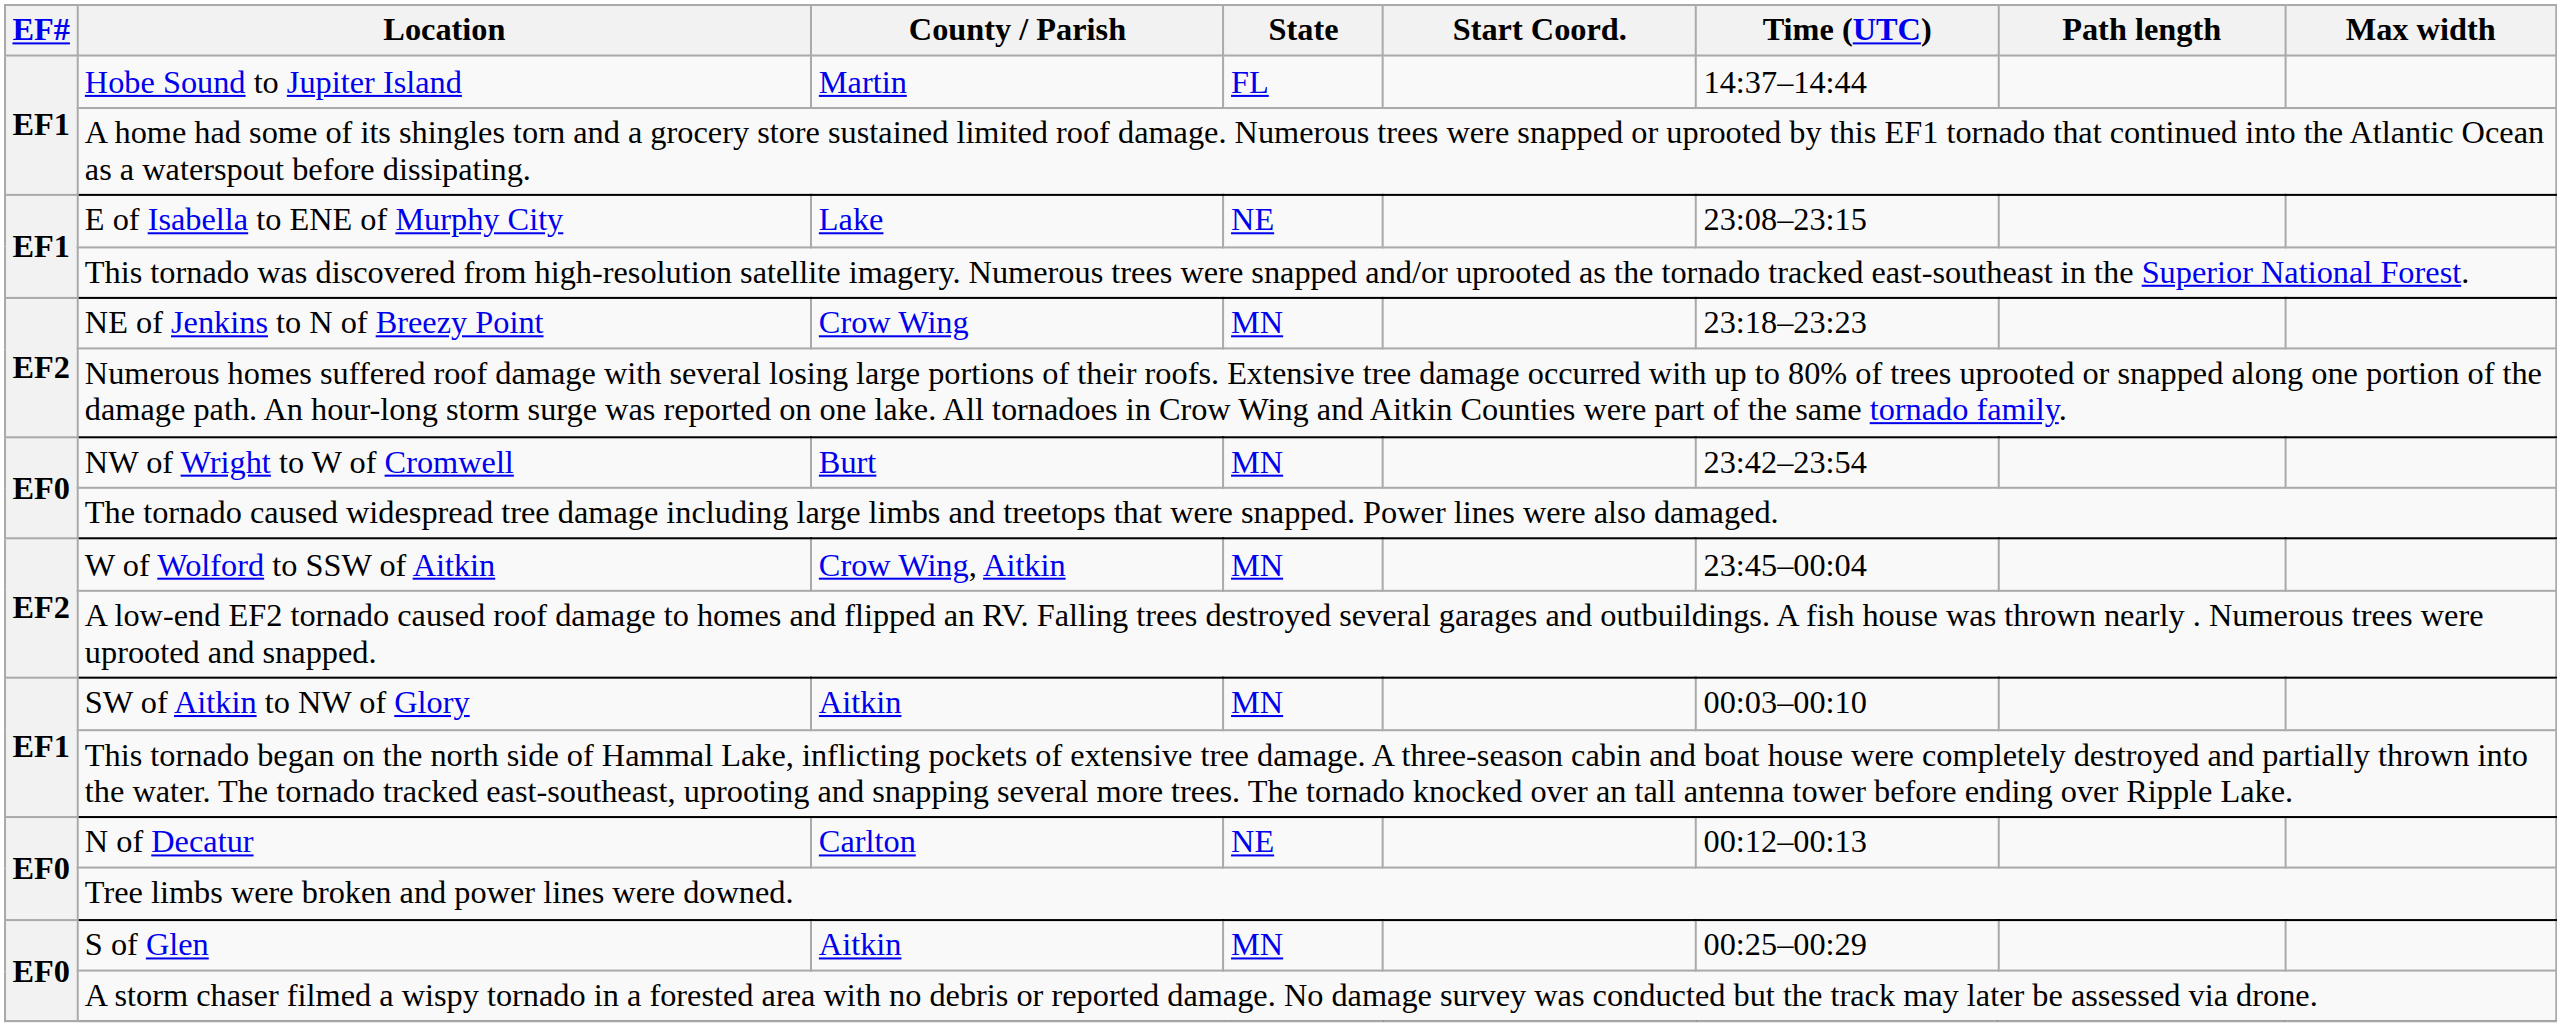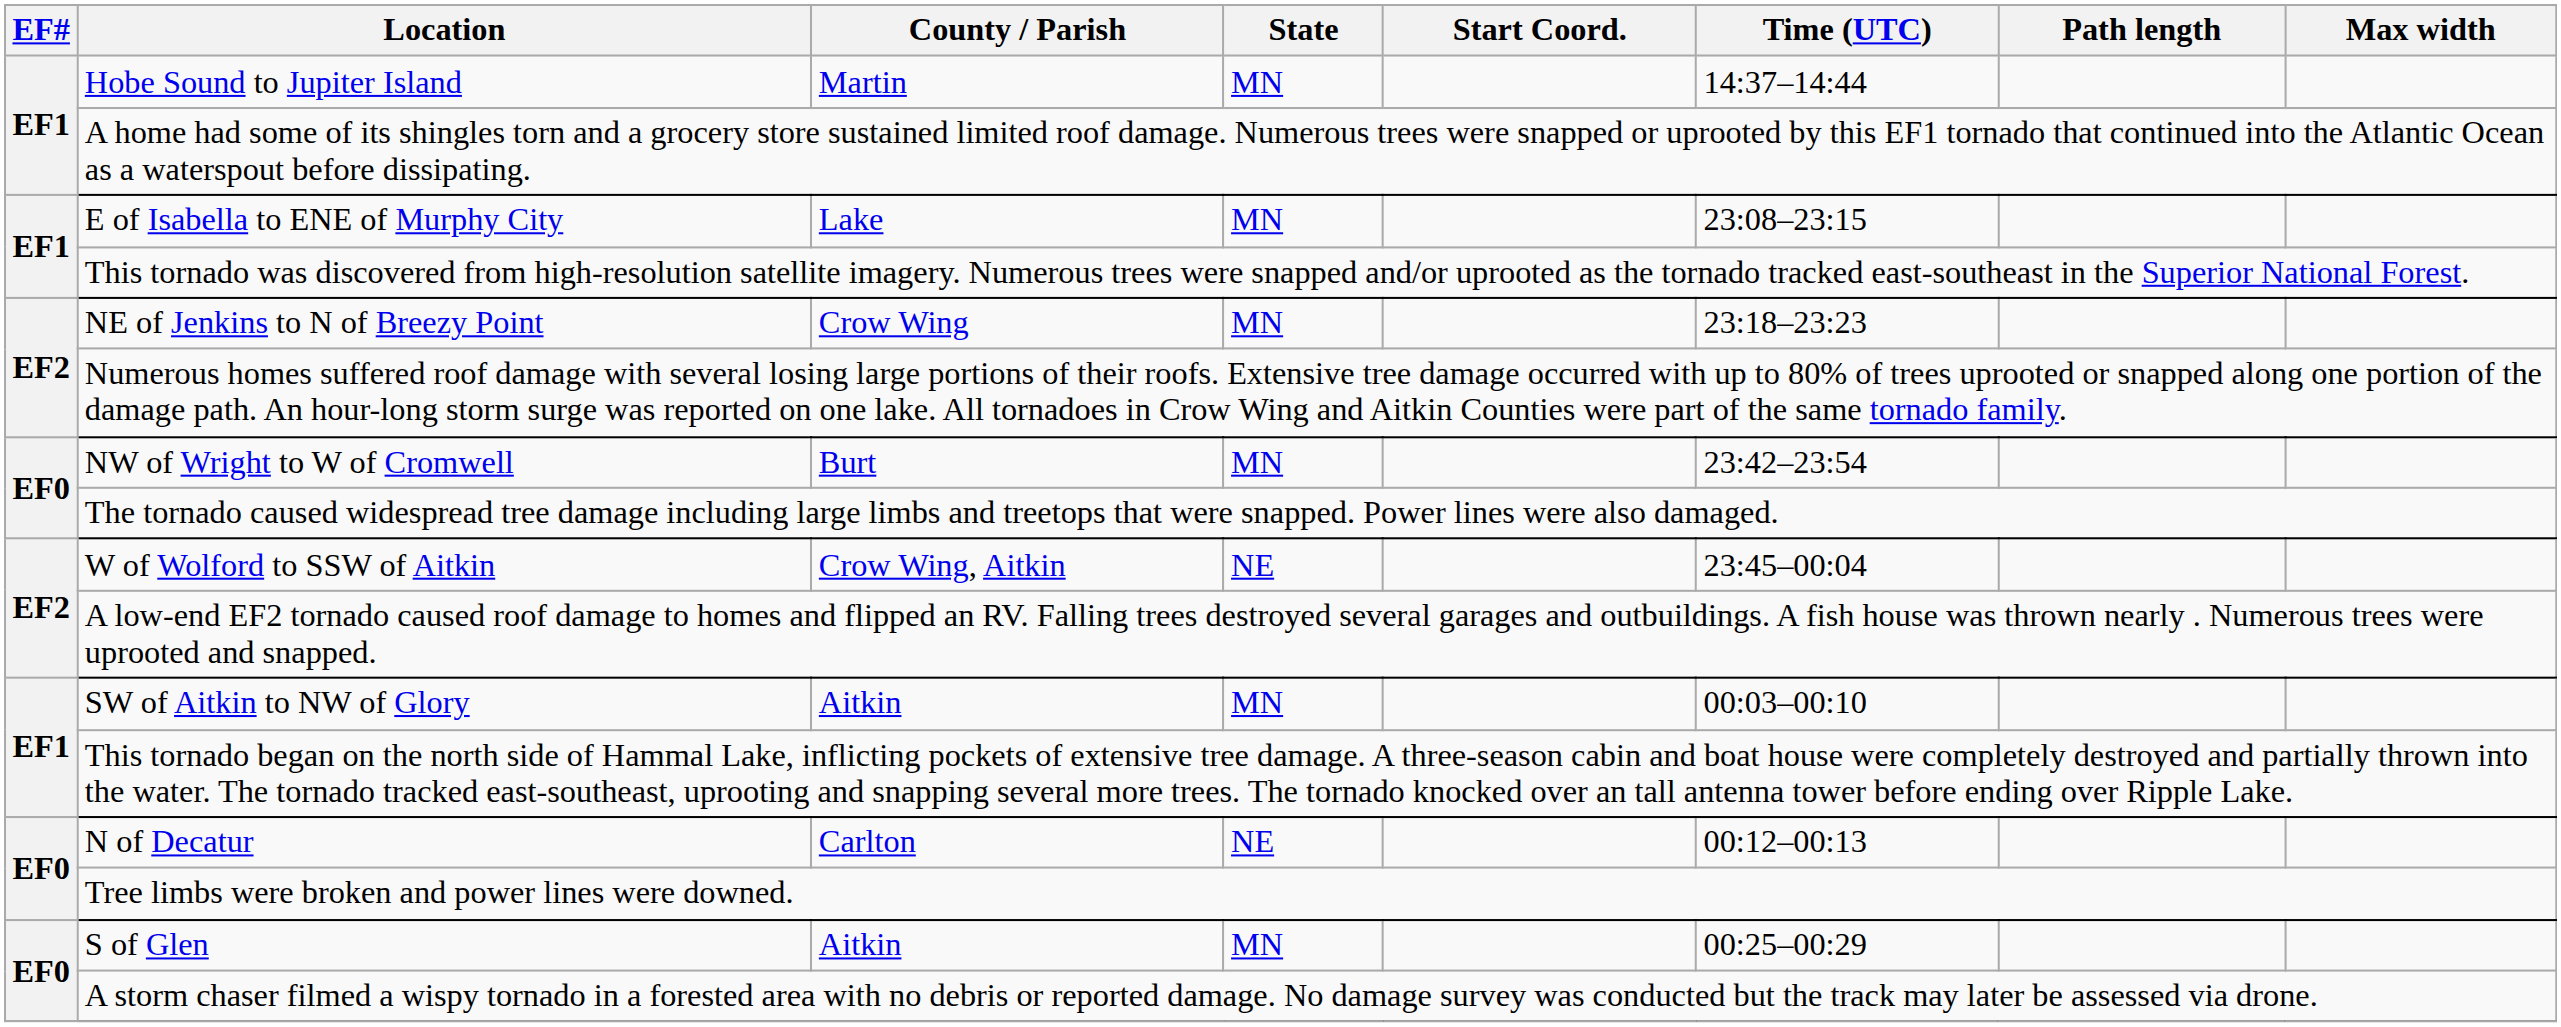 <table class="wikitable sortable" style="width:100%;">
 <tr>
 <th scope="col" width="2%" align="center"><a href='#'>EF#</a></th>
 <th scope="col" align="center" class="unsortable">Location</th>
 <th scope="col" align="center" class="unsortable">County / Parish</th>
 <th scope="col" align="center">State</th>
 <th scope="col" align="center">Start Coord.</th>
 <th scope="col" align="center">Time (<a href='#'>UTC</a>)</th>
 <th scope="col" align="center">Path length</th>
 <th scope="col" align="center">Max width</th>
 </tr>
 <tr>
 <th scope="row" rowspan="2" style="background-color:#">EF1</th>
 <td><a href='#'>Hobe Sound</a> to <a href='#'>Jupiter Island</a></td>
 <td><a href='#'>Martin</a></td>
-<td><a href='#'>FL</a></td>
+<td><a href='#'>MN</a></td>
 <td></td>
 <td>14:37–14:44</td>
 <td></td>
 <td></td>
 </tr>
 <tr class="expand-child">
 <td colspan="8" style=" border-bottom: 1px solid black;">A home had some of its shingles torn and a grocery store sustained limited roof damage. Numerous trees were snapped or uprooted by this EF1 tornado that continued into the Atlantic Ocean as a waterspout before dissipating.</td>
 </tr>
 <tr>
 <th scope="row" rowspan="2" style="background-color:#">EF1</th>
 <td>E of <a href='#'>Isabella</a> to ENE of <a href='#'>Murphy City</a></td>
 <td><a href='#'>Lake</a></td>
-<td><a href='#'>NE</a></td>
+<td><a href='#'>MN</a></td>
 <td></td>
 <td>23:08–23:15</td>
 <td></td>
 <td></td>
 </tr>
 <tr class="expand-child">
 <td colspan="8" style=" border-bottom: 1px solid black;">This tornado was discovered from high-resolution satellite imagery. Numerous trees were snapped and/or uprooted as the tornado tracked east-southeast in the <a href='#'>Superior National Forest</a>.</td>
 </tr>
 <tr>
 <th scope="row" rowspan="2" style="background-color:#">EF2</th>
 <td>NE of <a href='#'>Jenkins</a> to N of <a href='#'>Breezy Point</a></td>
 <td><a href='#'>Crow Wing</a></td>
 <td><a href='#'>MN</a></td>
 <td></td>
 <td>23:18–23:23</td>
 <td></td>
 <td></td>
 </tr>
 <tr class="expand-child">
 <td colspan="8" style=" border-bottom: 1px solid black;">Numerous homes suffered roof damage with several losing large portions of their roofs. Extensive tree damage occurred with up to 80% of trees uprooted or snapped along one portion of the damage path. An hour-long  storm surge was reported on one lake. All tornadoes in Crow Wing and Aitkin Counties were part of the same <a href='#'>tornado family</a>.</td>
 </tr>
 <tr>
 <th scope="row" rowspan="2" style="background-color:#">EF0</th>
 <td>NW of <a href='#'>Wright</a> to W of <a href='#'>Cromwell</a></td>
 <td><a href='#'>Burt</a></td>
 <td><a href='#'>MN</a></td>
 <td></td>
 <td>23:42–23:54</td>
 <td></td>
 <td></td>
 </tr>
 <tr class="expand-child">
 <td colspan="8" style=" border-bottom: 1px solid black;">The tornado caused widespread tree damage including large limbs and treetops that were snapped. Power lines were also damaged.</td>
 </tr>
 <tr>
 <th scope="row" rowspan="2" style="background-color:#">EF2</th>
 <td>W of <a href='#'>Wolford</a> to SSW of <a href='#'>Aitkin</a></td>
 <td><a href='#'>Crow Wing</a>, <a href='#'>Aitkin</a></td>
-<td><a href='#'>MN</a></td>
+<td><a href='#'>NE</a></td>
 <td></td>
 <td>23:45–00:04</td>
 <td></td>
 <td></td>
 </tr>
 <tr class="expand-child">
 <td colspan="8" style=" border-bottom: 1px solid black;">A low-end EF2 tornado caused roof damage to homes and flipped an RV. Falling trees destroyed several garages and outbuildings. A fish house was thrown nearly . Numerous trees were uprooted and snapped.</td>
 </tr>
 <tr>
 <th scope="row" rowspan="2" style="background-color:#">EF1</th>
 <td>SW of <a href='#'>Aitkin</a> to NW of <a href='#'>Glory</a></td>
 <td><a href='#'>Aitkin</a></td>
 <td><a href='#'>MN</a></td>
 <td></td>
 <td>00:03–00:10</td>
 <td></td>
 <td></td>
 </tr>
 <tr class="expand-child">
 <td colspan="8" style=" border-bottom: 1px solid black;">This tornado began on the north side of Hammal Lake, inflicting pockets of extensive tree damage. A three-season cabin and boat house were completely destroyed and partially thrown into the water. The tornado tracked east-southeast, uprooting and snapping several more trees. The tornado knocked over an  tall antenna tower before ending over Ripple Lake.</td>
 </tr>
 <tr>
 <th scope="row" rowspan="2" style="background-color:#">EF0</th>
 <td>N of <a href='#'>Decatur</a></td>
 <td><a href='#'>Carlton</a></td>
 <td><a href='#'>NE</a></td>
 <td></td>
 <td>00:12–00:13</td>
 <td></td>
 <td></td>
 </tr>
 <tr class="expand-child">
 <td colspan="8" style=" border-bottom: 1px solid black;">Tree limbs were broken and power lines were downed.</td>
 </tr>
 <tr>
 <th scope="row" rowspan="2" style="background-color:#">EF0</th>
 <td>S of <a href='#'>Glen</a></td>
 <td><a href='#'>Aitkin</a></td>
 <td><a href='#'>MN</a></td>
 <td></td>
 <td>00:25–00:29</td>
 <td></td>
 <td></td>
 </tr>
 <tr class="expand-child">
 <td colspan="8" style=" border-bottom: 1px solid black;">A storm chaser filmed a wispy tornado in a forested area with no debris or reported damage. No damage survey was conducted but the track may later be assessed via drone.</td>
 </tr>
 <tr>
 </tr>
 </table>
